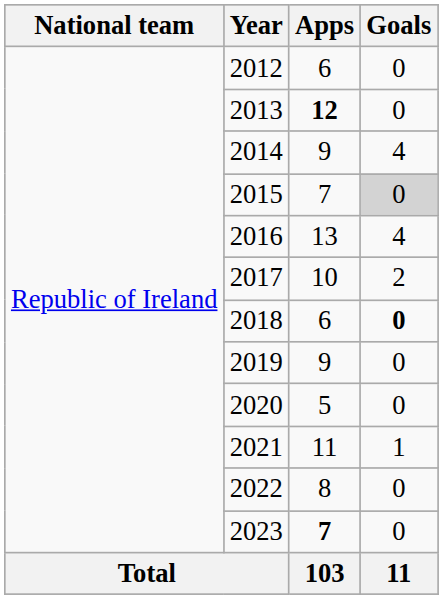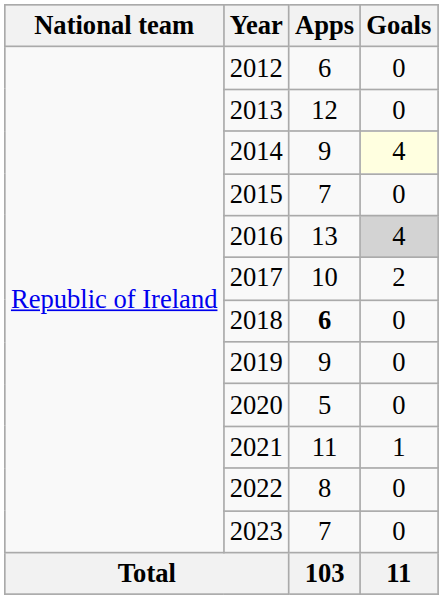 <table class="wikitable" style="text-align: center;">
 <tr>
 <th>National team</th>
 <th>Year</th>
 <th>Apps</th>
 <th>Goals</th>
 </tr>
 <tr>
 <td rowspan="12"><a href='#'>Republic of Ireland</a></td>
 <td>2012</td>
 <td>6</td>
 <td>0</td>
 </tr>
 <tr>
 <td>2013</td>
-<td><strong>12</strong></td>
+<td>12</td>
 <td>0</td>
 </tr>
 <tr>
 <td>2014</td>
 <td>9</td>
-<td>4</td>
+<td style="background: lightyellow;">4</td>
 </tr>
 <tr>
 <td>2015</td>
 <td>7</td>
-<td style="background: lightgrey;">0</td>
+<td>0</td>
 </tr>
 <tr>
 <td>2016</td>
 <td>13</td>
-<td>4</td>
+<td style="background: lightgrey;">4</td>
 </tr>
 <tr>
 <td>2017</td>
 <td>10</td>
 <td>2</td>
 </tr>
 <tr>
 <td>2018</td>
-<td>6</td>
-<td><strong>0</strong></td>
+<td><strong>6</strong></td>
+<td>0</td>
 </tr>
 <tr>
 <td>2019</td>
 <td>9</td>
 <td>0</td>
 </tr>
 <tr>
 <td>2020</td>
 <td>5</td>
 <td>0</td>
 </tr>
 <tr>
 <td>2021</td>
 <td>11</td>
 <td>1</td>
 </tr>
 <tr>
 <td>2022</td>
 <td>8</td>
 <td>0</td>
 </tr>
 <tr>
 <td>2023</td>
-<td><strong>7</strong></td>
+<td>7</td>
 <td>0</td>
 </tr>
 <tr>
 <th colspan="2">Total</th>
 <th>103</th>
 <th>11</th>
 </tr>
 </table>
